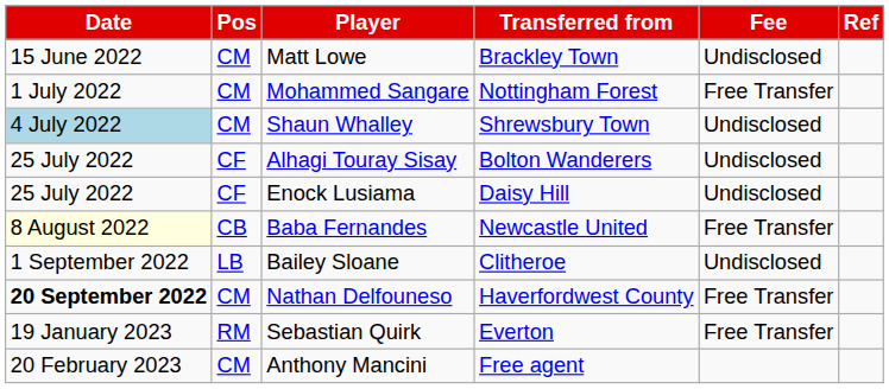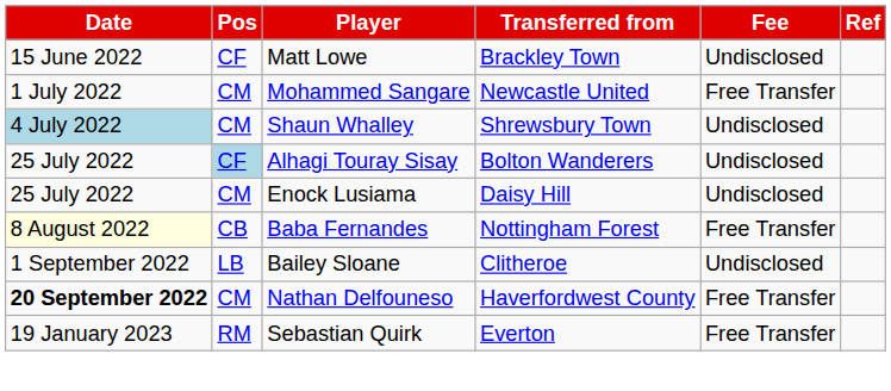 <table class="wikitable plainrowheaders sortable">
 <tr>
 <th style="background:#E00000; color:#ffffff; ">Date</th>
 <th style="background:#E00000; color:#ffffff; ">Pos</th>
 <th style="background:#E00000; color:#ffffff; ">Player</th>
 <th style="background:#E00000; color:#ffffff; ">Transferred from</th>
 <th style="background:#E00000; color:#ffffff; ">Fee</th>
 <th style="background:#E00000; color:#ffffff; ">Ref</th>
 </tr>
 <tr>
 <td>15 June 2022</td>
-<td><a href='#'>CM</a></td>
+<td><a href='#'>CF</a></td>
 <td> Matt Lowe</td>
 <td> <a href='#'>Brackley Town</a></td>
 <td>Undisclosed</td>
 <td></td>
 </tr>
 <tr>
 <td>1 July 2022</td>
 <td><a href='#'>CM</a></td>
 <td> <a href='#'>Mohammed Sangare</a></td>
-<td> <a href='#'>Nottingham Forest</a></td>
+<td> <a href='#'>Newcastle United</a></td>
 <td>Free Transfer</td>
 <td></td>
 </tr>
 <tr>
 <td style="background: lightblue;">4 July 2022</td>
 <td><a href='#'>CM</a></td>
 <td> <a href='#'>Shaun Whalley</a></td>
 <td> <a href='#'>Shrewsbury Town</a></td>
 <td>Undisclosed</td>
 <td></td>
 </tr>
 <tr>
 <td>25 July 2022</td>
-<td><a href='#'>CF</a></td>
+<td style="background: lightblue;"><a href='#'>CF</a></td>
 <td> <a href='#'>Alhagi Touray Sisay</a></td>
 <td> <a href='#'>Bolton Wanderers</a></td>
 <td>Undisclosed</td>
 <td></td>
 </tr>
 <tr>
 <td>25 July 2022</td>
-<td><a href='#'>CF</a></td>
+<td><a href='#'>CM</a></td>
 <td> Enock Lusiama</td>
 <td> <a href='#'>Daisy Hill</a></td>
 <td>Undisclosed</td>
 <td></td>
 </tr>
 <tr>
 <td style="background: lightyellow;">8 August 2022</td>
 <td><a href='#'>CB</a></td>
 <td> <a href='#'>Baba Fernandes</a></td>
-<td> <a href='#'>Newcastle United</a></td>
+<td> <a href='#'>Nottingham Forest</a></td>
 <td>Free Transfer</td>
 <td></td>
 </tr>
 <tr>
 <td>1 September 2022</td>
 <td><a href='#'>LB</a></td>
 <td> Bailey Sloane</td>
 <td> <a href='#'>Clitheroe</a></td>
 <td>Undisclosed</td>
 <td></td>
 </tr>
 <tr>
 <td><strong>20 September 2022</strong></td>
 <td><a href='#'>CM</a></td>
 <td> <a href='#'>Nathan Delfouneso</a></td>
 <td> <a href='#'>Haverfordwest County</a></td>
 <td>Free Transfer</td>
 <td></td>
 </tr>
 <tr>
 <td>19 January 2023</td>
 <td><a href='#'>RM</a></td>
 <td> Sebastian Quirk</td>
 <td> <a href='#'>Everton</a></td>
 <td>Free Transfer</td>
 <td></td>
 </tr>
-<tr>
-<td>20 February 2023</td>
-<td><a href='#'>CM</a></td>
-<td> Anthony Mancini</td>
-<td> <a href='#'>Free agent</a></td>
-<td></td>
-<td></td>
-</tr>
 </table>
